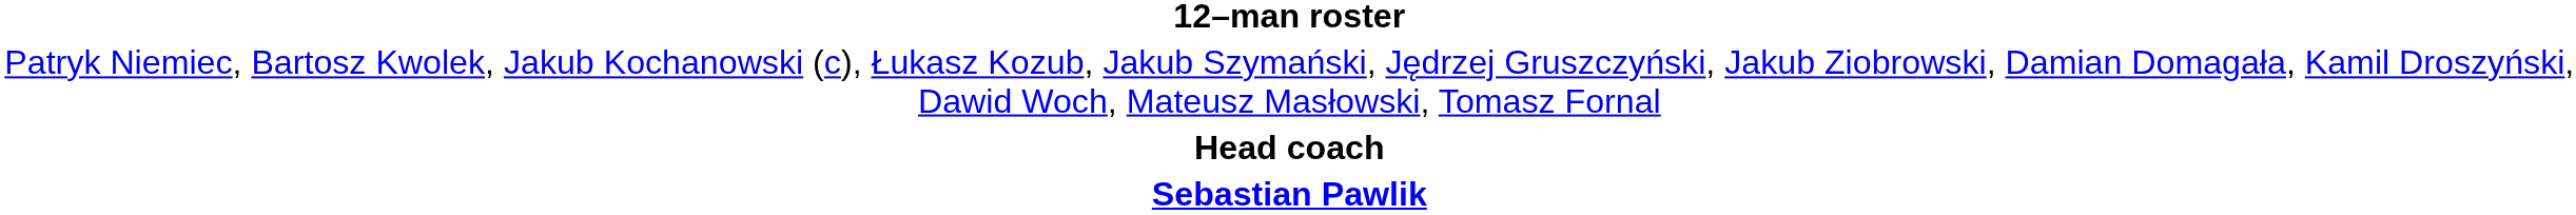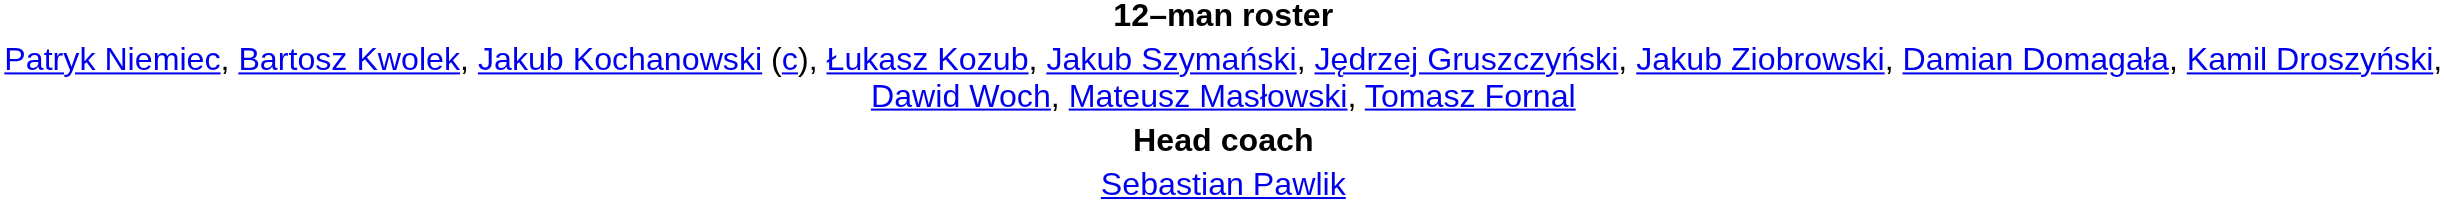 <table style="text-align:center; margin-top:2em; margin-left:auto; margin-right:auto">
 <tr>
 <td><strong>12–man roster</strong></td>
 </tr>
 <tr>
 <td><a href='#'>Patryk Niemiec</a>, <a href='#'>Bartosz Kwolek</a>, <a href='#'>Jakub Kochanowski</a> (<a href='#'>c</a>), <a href='#'>Łukasz Kozub</a>, <a href='#'>Jakub Szymański</a>, <a href='#'>Jędrzej Gruszczyński</a>, <a href='#'>Jakub Ziobrowski</a>, <a href='#'>Damian Domagała</a>, <a href='#'>Kamil Droszyński</a>, <a href='#'>Dawid Woch</a>, <a href='#'>Mateusz Masłowski</a>, <a href='#'>Tomasz Fornal</a></td>
 </tr>
 <tr>
 <td><strong>Head coach</strong></td>
 </tr>
 <tr>
-<td><strong><a href='#'>Sebastian Pawlik</a></strong></td>
+<td><a href='#'>Sebastian Pawlik</a></td>
 </tr>
 </table>
